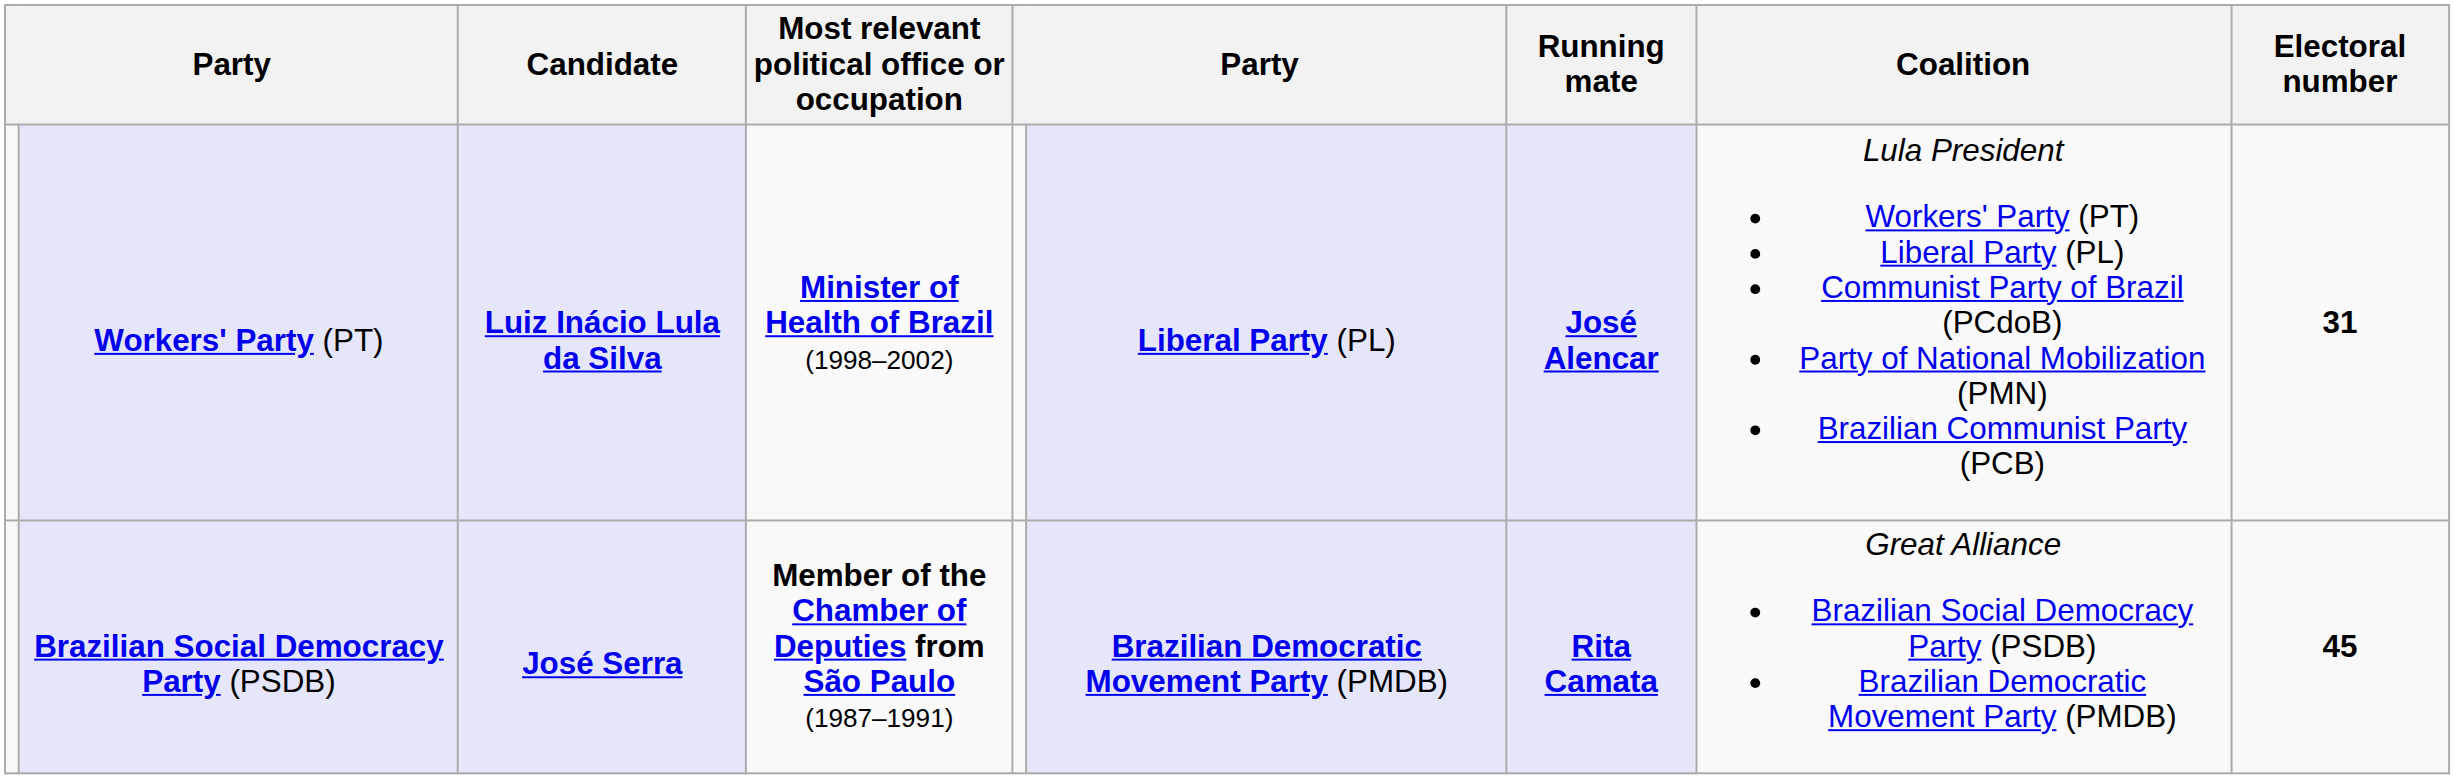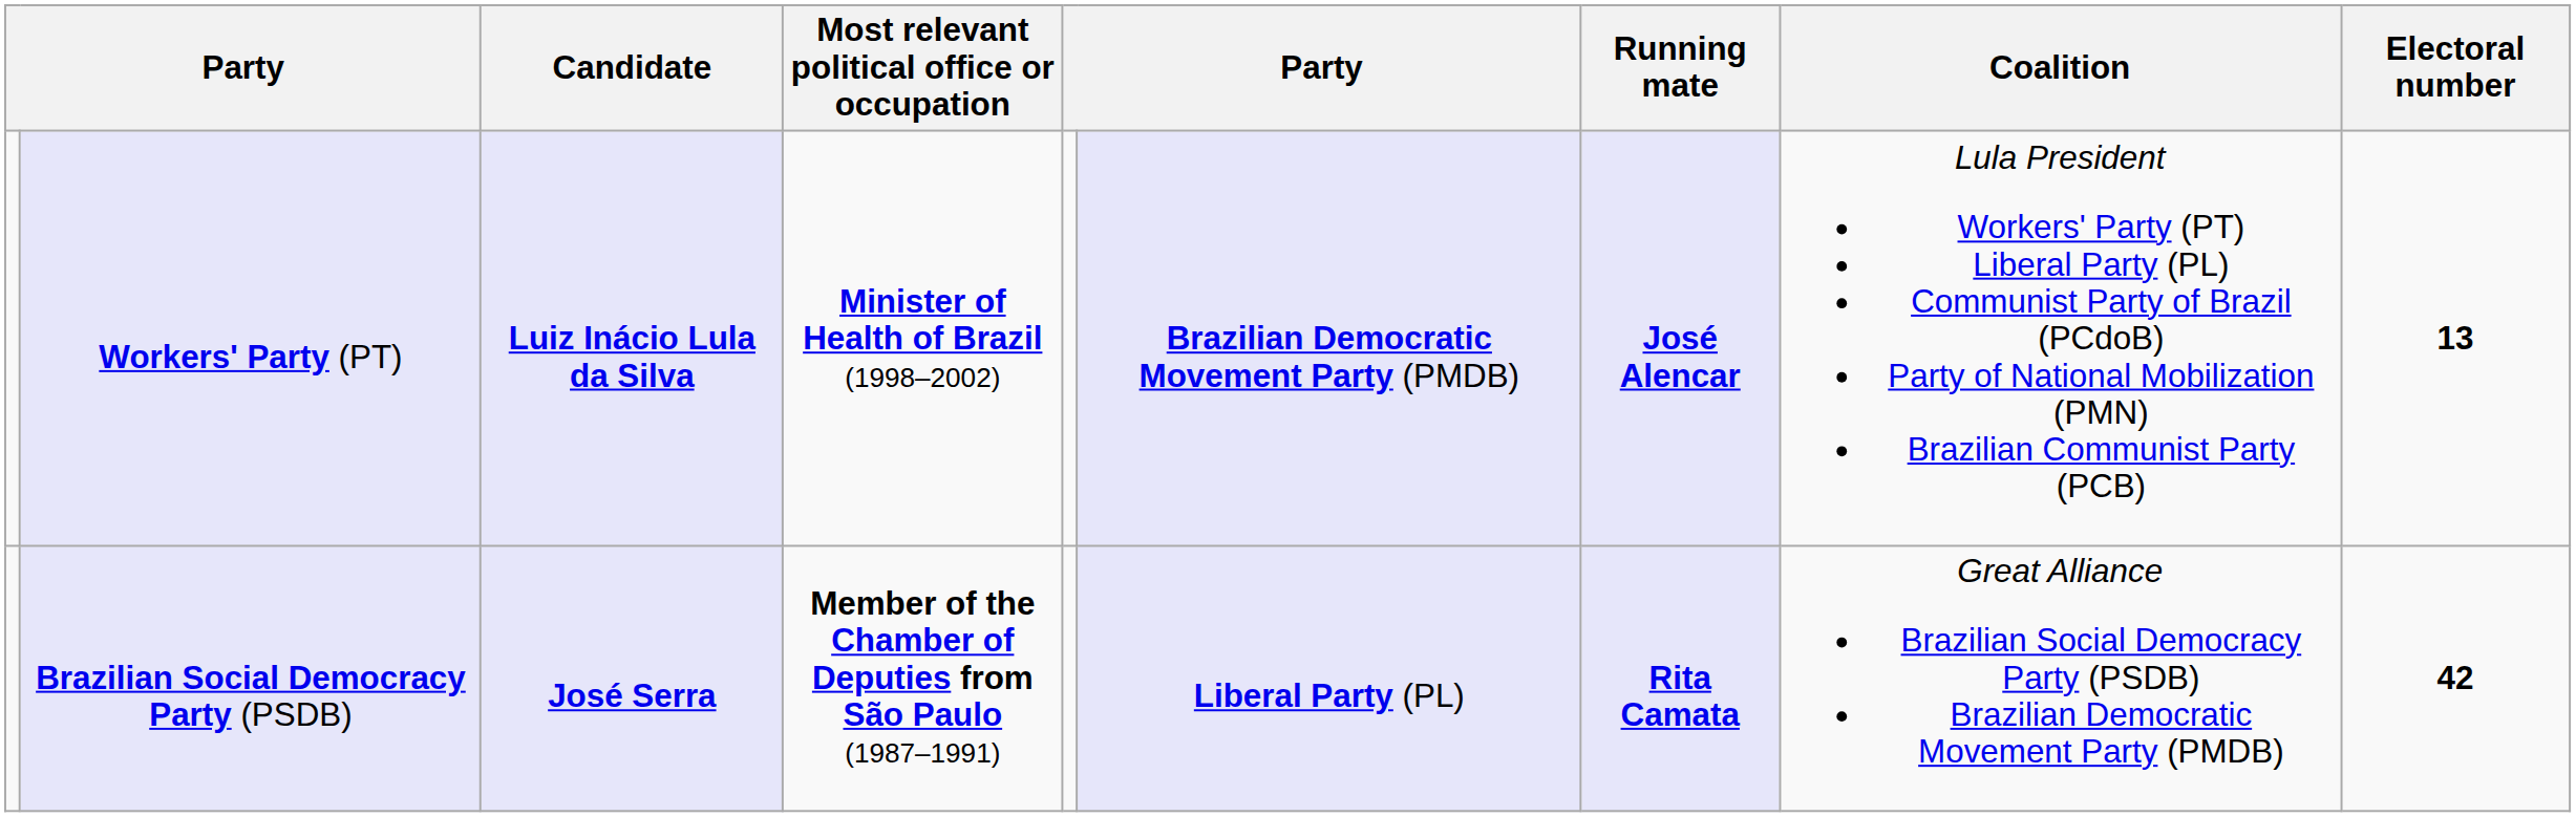 <table class="wikitable" style="text-align:center">
 <tr>
 <th colspan="2">Party</th>
 <th>Candidate</th>
 <th style="max-width:10em">Most relevant political office or occupation</th>
 <th colspan="2">Party</th>
 <th>Running mate</th>
 <th>Coalition</th>
 <th>Electoral number</th>
 </tr>
 <tr>
 <td style="background:"></td>
 <td style="background:lavender;" max-width:150px><br><strong><a href='#'>Workers' Party</a></strong> (PT)</td>
 <td style="background:lavender;" max-width:150px><br><strong><a href='#'>Luiz Inácio Lula da Silva</a></strong></td>
 <td style="max-width:10em"><strong><a href='#'>Minister of Health of Brazil</a></strong><br><small>(1998–2002)</small></td>
 <td style="background:"></td>
-<td style="background:lavender;" max-width:150px><br><strong><a href='#'>Liberal Party</a></strong> (PL)</td>
+<td style="background:lavender;" max-width:150px><br><strong><a href='#'>Brazilian Democratic Movement Party</a></strong> (PMDB)</td>
 <td style="background:lavender;" max-width:150px><br><strong><a href='#'>José Alencar</a></strong></td>
 <td><em>Lula President</em><br><ul><li><a href='#'>Workers' Party</a> (PT)</li><li><a href='#'>Liberal Party</a> (PL)</li><li><a href='#'>Communist Party of Brazil</a> (PCdoB)</li><li><a href='#'>Party of National Mobilization</a> (PMN)</li><li><a href='#'>Brazilian Communist Party</a> (PCB)</li></ul></td>
-<td><strong>31</strong></td>
+<td><strong>13</strong></td>
 </tr>
 <tr>
 <td style="background:"></td>
 <td style="background:lavender;" max-width:150px><br><strong><a href='#'>Brazilian Social Democracy Party</a></strong> (PSDB)</td>
 <td style="background:lavender;" max-width:150px><br><strong><a href='#'>José Serra</a></strong></td>
 <td style="max-width:10em"><strong>Member of the <a href='#'>Chamber of Deputies</a> from <a href='#'>São Paulo</a></strong><br><small>(1987–1991)</small></td>
 <td style="background:"></td>
-<td style="background:lavender;" max-width:150px><br><strong><a href='#'>Brazilian Democratic Movement Party</a></strong> (PMDB)</td>
+<td style="background:lavender;" max-width:150px><br><strong><a href='#'>Liberal Party</a></strong> (PL)</td>
 <td style="background:lavender;" max-width:150px><br><strong><a href='#'>Rita Camata</a></strong></td>
 <td><em>Great Alliance</em><br><ul><li><a href='#'>Brazilian Social Democracy Party</a> (PSDB)</li><li><a href='#'>Brazilian Democratic Movement Party</a> (PMDB)</li></ul></td>
-<td><strong>45</strong></td>
+<td><strong>42</strong></td>
 </tr>
 </table>
